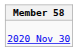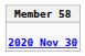 <table class=wikitable align=right>
 <tr>
 <th>Member 58</th>
 </tr>
 <tr>
-<td><br><a href='#'>2020 Nov 30</a></td>
+<td><strong><br><a href='#'>2020 Nov 30</a></strong></td>
 </tr>
 </table>
